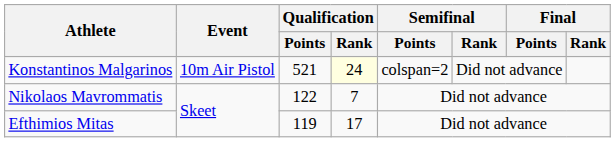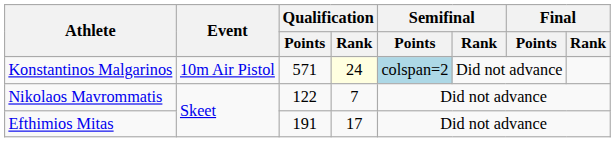 <table class="wikitable" style="font-size:90%">
 <tr>
 <th rowspan="2">Athlete</th>
 <th rowspan="2">Event</th>
 <th colspan=2>Qualification</th>
 <th colspan=2>Semifinal</th>
 <th colspan=2>Final</th>
 </tr>
 <tr style="font-size:95%">
 <th>Points</th>
 <th>Rank</th>
 <th>Points</th>
 <th>Rank</th>
 <th>Points</th>
 <th>Rank</th>
 </tr>
 <tr align=center>
 <td align=left><a href='#'>Konstantinos Malgarinos</a></td>
 <td align=left><a href='#'>10m Air Pistol</a></td>
-<td>521</td>
+<td>571</td>
 <td style="background: lightyellow;">24</td>
-<td>colspan=2 </td>
+<td style="background: lightblue;">colspan=2 </td>
 <td colspan=2>Did not advance</td>
 </tr>
 <tr align=center>
 <td align=left><a href='#'>Nikolaos Mavrommatis</a></td>
 <td align=left rowspan=2><a href='#'>Skeet</a></td>
 <td>122</td>
 <td>7</td>
 <td colspan=4>Did not advance</td>
 </tr>
 <tr align=center>
 <td align=left><a href='#'>Efthimios Mitas</a></td>
-<td>119</td>
+<td>191</td>
 <td>17</td>
 <td colspan=4>Did not advance</td>
 </tr>
 </table>
